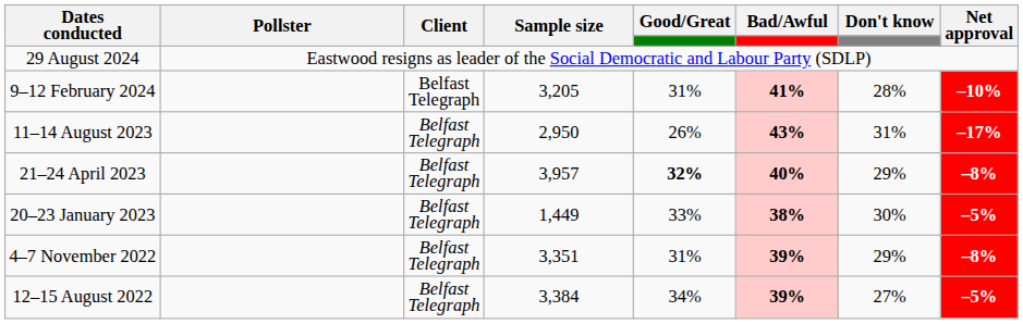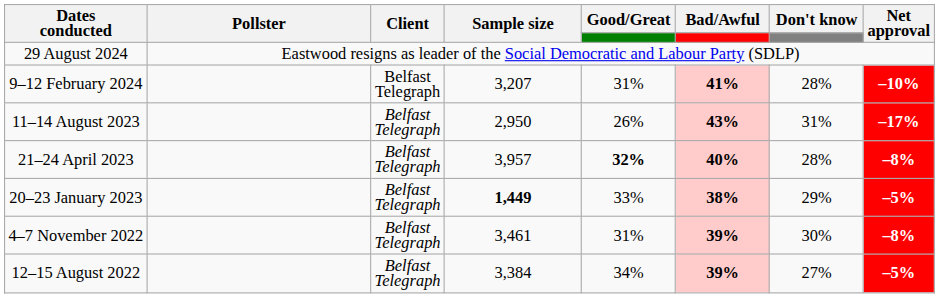 <table class="wikitable collapsible sortable mw-datatable" style="text-align:center;font-size:95%;line-height:14px;">
 <tr>
 <th style="width:125px;" rowspan="2">Dates<br>conducted</th>
 <th style="width:200px;" rowspan="2">Pollster</th>
 <th style="width:60px;" rowspan="2">Client</th>
 <th style="width:120px;" rowspan="2">Sample size</th>
 <th class="unsortable" style="width:80px;">Good/Great</th>
 <th class="unsortable" style="width: 80px;">Bad/Awful</th>
 <th class="unsortable" style="width:80px;">Don't know</th>
 <th class="unsortable" style="width:20px;" rowspan="2">Net approval</th>
 </tr>
 <tr>
 <th class="unsortable" style="background:green;width:60px;"></th>
 <th class="unsortable" style="background:red;width:60px;"></th>
 <th class="unsortable" style="background:grey;width:60px;"></th>
 </tr>
 <tr>
 <td>29 August 2024</td>
 <td colspan="7">Eastwood resigns as leader of the <a href='#'>Social Democratic and Labour Party</a> (SDLP)</td>
 </tr>
 <tr>
 <td>9–12 February 2024</td>
 <td></td>
 <td>Belfast Telegraph</td>
-<td>3,205</td>
+<td>3,207</td>
 <td>31%</td>
 <td style="background:#ffcccb"><strong>41%</strong></td>
 <td>28%</td>
 <td style="background:red;color:white"><strong>–10%</strong></td>
 </tr>
 <tr>
 <td>11–14 August 2023</td>
 <td></td>
 <td><em>Belfast Telegraph</em></td>
 <td>2,950</td>
 <td>26%</td>
 <td style="background:#ffcccb"><strong>43%</strong></td>
 <td>31%</td>
 <td style="background:red;color:white"><strong>–17%</strong></td>
 </tr>
 <tr>
 <td>21–24 April 2023</td>
 <td></td>
 <td><em>Belfast Telegraph</em></td>
 <td>3,957</td>
 <td><strong>32%</strong></td>
 <td style="background:#ffcccb"><strong>40%</strong></td>
-<td>29%</td>
+<td>28%</td>
 <td style="background:red;color:white"><strong>–8%</strong></td>
 </tr>
 <tr>
 <td>20–23 January 2023</td>
 <td></td>
 <td><em>Belfast Telegraph</em></td>
-<td>1,449</td>
+<td><strong>1,449</strong></td>
 <td>33%</td>
 <td style="background:#ffcccb"><strong>38%</strong></td>
-<td>30%</td>
+<td>29%</td>
 <td style="background:red;color:white"><strong>–5%</strong></td>
 </tr>
 <tr>
 <td>4–7 November 2022</td>
 <td></td>
 <td><em>Belfast Telegraph</em></td>
-<td>3,351</td>
+<td>3,461</td>
 <td>31%</td>
 <td style="background:#ffcccb"><strong>39%</strong></td>
-<td>29%</td>
+<td>30%</td>
 <td style="background:red;color:white"><strong>–8%</strong></td>
 </tr>
 <tr>
 <td>12–15 August 2022</td>
 <td></td>
 <td><em>Belfast Telegraph</em></td>
 <td>3,384</td>
 <td>34%</td>
 <td style="background:#ffcccb"><strong>39%</strong></td>
 <td>27%</td>
 <td style="background:red;color:white"><strong>–5%</strong></td>
 </tr>
 </table>
